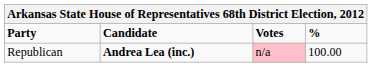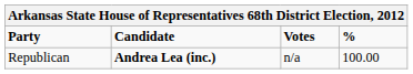 <table class="wikitable">
 <tr>
 <th colspan="4">Arkansas State House of Representatives 68th District Election, 2012</th>
 </tr>
 <tr>
 <td><strong>Party</strong></td>
 <td><strong>Candidate</strong></td>
 <td><strong>Votes</strong></td>
 <td><strong>%</strong></td>
 </tr>
 <tr>
 <td>Republican</td>
 <td><strong>Andrea Lea (inc.)</strong></td>
-<td style="background: pink;">n/a</td>
+<td>n/a</td>
 <td>100.00</td>
 </tr>
 </table>
